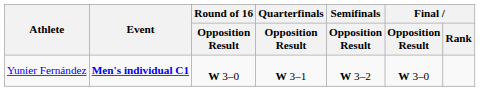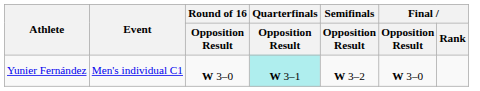 <table class=wikitable style="font-size:90%">
 <tr align=center>
 <th rowspan="2">Athlete</th>
 <th rowspan="2">Event</th>
 <th>Round of 16</th>
 <th>Quarterfinals</th>
 <th>Semifinals</th>
 <th colspan="2">Final / </th>
 </tr>
 <tr>
 <th>Opposition<br>Result</th>
 <th>Opposition<br>Result</th>
 <th>Opposition<br>Result</th>
 <th>Opposition<br>Result</th>
 <th>Rank</th>
 </tr>
 <tr align=center>
 <td align=left><a href='#'>Yunier Fernández</a></td>
-<td align=left><strong><a href='#'>Men's individual C1</a></strong></td>
+<td align=left><a href='#'>Men's individual C1</a></td>
 <td><br><strong>W</strong> 3–0</td>
-<td><br><strong>W</strong> 3–1</td>
+<td style="background: paleturquoise;"><br><strong>W</strong> 3–1</td>
 <td><br><strong>W</strong> 3–2</td>
 <td><br><strong>W</strong> 3–0</td>
 <td></td>
 </tr>
 </table>
